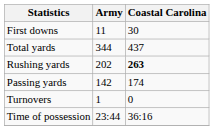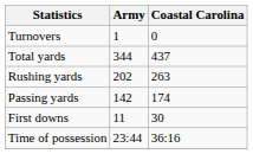 <table class="wikitable">
 <tr>
 <th>Statistics</th>
 <th>Army</th>
 <th>Coastal Carolina</th>
 </tr>
 <tr>
-<td>First downs</td>
-<td>11</td>
-<td>30</td>
+<td>Turnovers</td>
+<td>1</td>
+<td>0</td>
 </tr>
 <tr>
 <td>Total yards</td>
 <td>344</td>
 <td>437</td>
 </tr>
 <tr>
 <td>Rushing yards</td>
 <td>202</td>
-<td><strong>263</strong></td>
+<td>263</td>
 </tr>
 <tr>
 <td>Passing yards</td>
 <td>142</td>
 <td>174</td>
 </tr>
 <tr>
-<td>Turnovers</td>
-<td>1</td>
-<td>0</td>
+<td>First downs</td>
+<td>11</td>
+<td>30</td>
 </tr>
 <tr>
 <td>Time of possession</td>
 <td>23:44</td>
 <td>36:16</td>
 </tr>
 <tr>
 </tr>
 </table>
